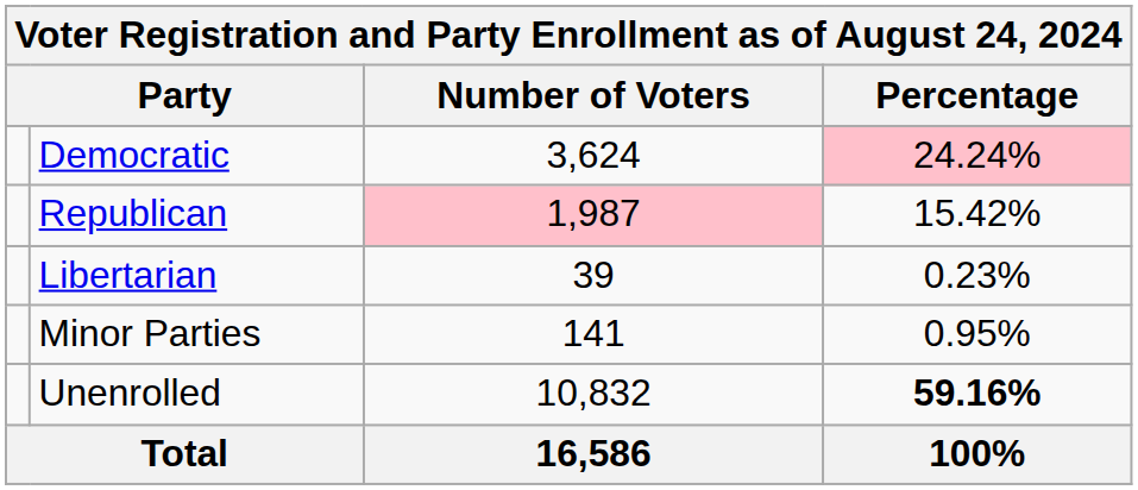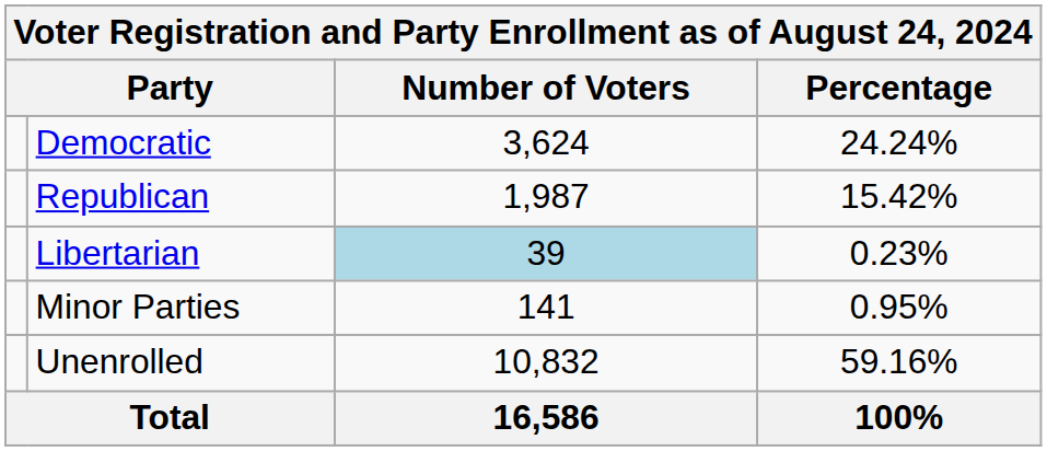 <table class=wikitable>
 <tr>
 <th colspan = 6>Voter Registration and Party Enrollment as of August 24, 2024</th>
 </tr>
 <tr>
 <th colspan = 2>Party</th>
 <th>Number of Voters</th>
 <th>Percentage</th>
 </tr>
 <tr>
 <td></td>
 <td><a href='#'>Democratic</a></td>
 <td align = center>3,624</td>
-<td align = center style="background: pink;">24.24%</td>
+<td align = center>24.24%</td>
 </tr>
 <tr>
 <td></td>
 <td><a href='#'>Republican</a></td>
-<td align = center style="background: pink;">1,987</td>
+<td align = center>1,987</td>
 <td align = center>15.42%</td>
 </tr>
 <tr>
 <td></td>
 <td><a href='#'>Libertarian</a></td>
-<td align = center>39</td>
+<td align = center style="background: lightblue;">39</td>
 <td align = center>0.23%</td>
 </tr>
 <tr>
 <td></td>
 <td>Minor Parties</td>
 <td align = center>141</td>
 <td align = center>0.95%</td>
 </tr>
 <tr>
 <td></td>
 <td>Unenrolled</td>
 <td align="center">10,832</td>
-<td align="center"><strong>59.16%</strong></td>
+<td align="center">59.16%</td>
 </tr>
 <tr>
 <th colspan="2">Total</th>
 <th align="center">16,586</th>
 <th align="center">100%</th>
 </tr>
 </table>
